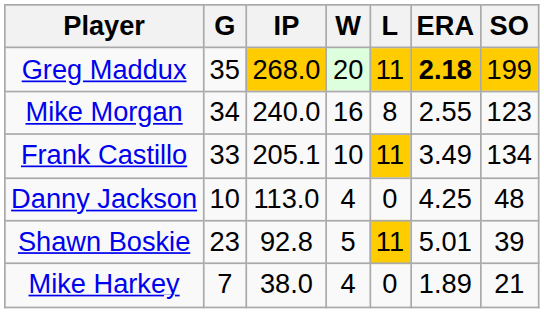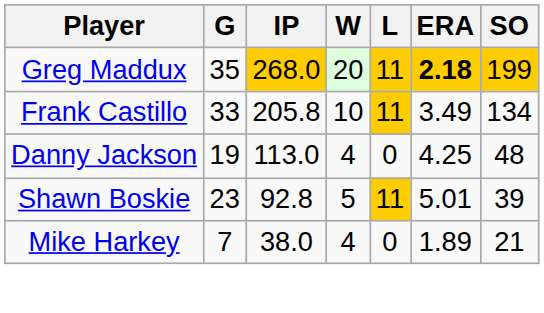 <table class="wikitable sortable" style="text-align:center">
 <tr>
 <th>Player</th>
 <th>G</th>
 <th>IP</th>
 <th>W</th>
 <th>L</th>
 <th>ERA</th>
 <th>SO</th>
 </tr>
 <tr>
 <td><a href='#'>Greg Maddux</a></td>
 <td>35</td>
 <td style="background:#fc0;">268.0</td>
 <td style="background:#DDFFDD;">20</td>
 <td style="background:#fc0;">11</td>
 <td style="background:#fc0;"><strong>2.18</strong></td>
 <td style="background:#fc0;">199</td>
 </tr>
 <tr>
-<td><a href='#'>Mike Morgan</a></td>
-<td>34</td>
-<td>240.0</td>
-<td>16</td>
-<td>8</td>
-<td>2.55</td>
-<td>123</td>
-</tr>
-<tr>
 <td><a href='#'>Frank Castillo</a></td>
 <td>33</td>
-<td>205.1</td>
+<td>205.8</td>
 <td>10</td>
 <td style="background:#fc0;">11</td>
 <td>3.49</td>
 <td>134</td>
 </tr>
 <tr>
 <td><a href='#'>Danny Jackson</a></td>
-<td>10</td>
+<td>19</td>
 <td>113.0</td>
 <td>4</td>
 <td>0</td>
 <td>4.25</td>
 <td>48</td>
 </tr>
 <tr>
 <td><a href='#'>Shawn Boskie</a></td>
 <td>23</td>
 <td>92.8</td>
 <td>5</td>
 <td style="background:#fc0;">11</td>
 <td>5.01</td>
 <td>39</td>
 </tr>
 <tr>
 <td><a href='#'>Mike Harkey</a></td>
 <td>7</td>
 <td>38.0</td>
 <td>4</td>
 <td>0</td>
 <td>1.89</td>
 <td>21</td>
 </tr>
 </table>
